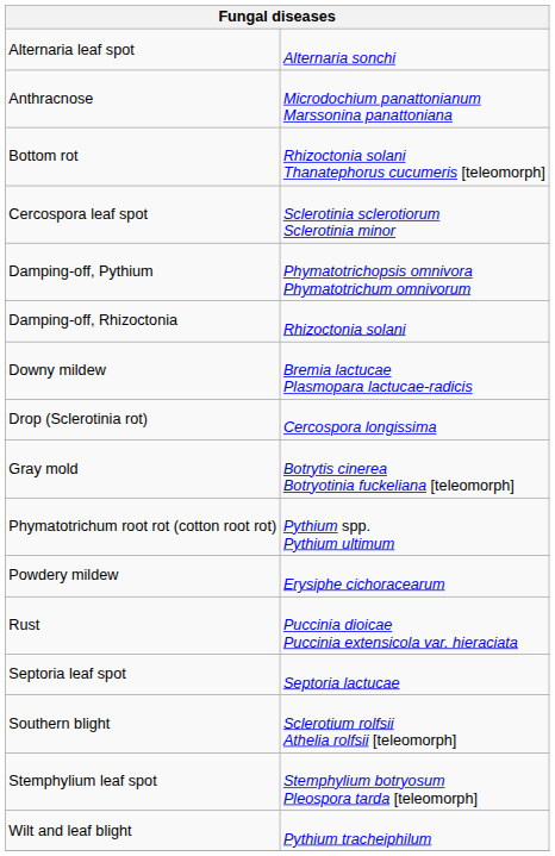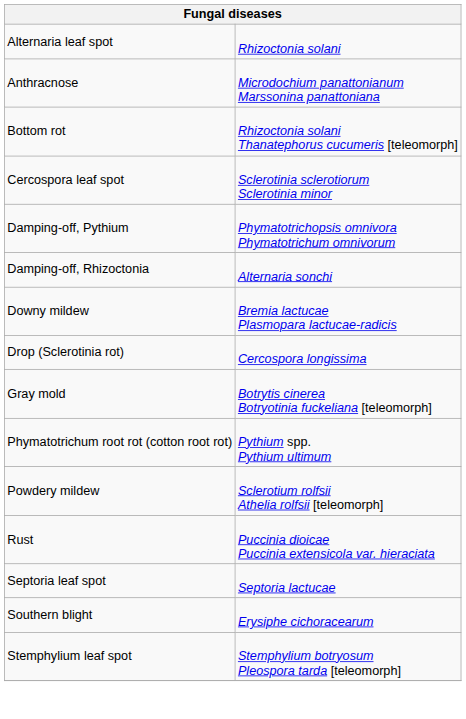 <table class="wikitable" style="clear">
 <tr>
 <th colspan=2><strong>Fungal diseases</strong><br></th>
 </tr>
 <tr>
 <td>Alternaria leaf spot</td>
-<td><br><em><a href='#'>Alternaria sonchi</a></em></td>
+<td><br><em><a href='#'>Rhizoctonia solani</a></em></td>
 </tr>
 <tr>
 <td>Anthracnose</td>
 <td><br><em><a href='#'>Microdochium panattonianum</a></em> <br>  <em><a href='#'>Marssonina panattoniana</a></em></td>
 </tr>
 <tr>
 <td>Bottom rot</td>
 <td><br><em><a href='#'>Rhizoctonia solani</a></em><br> <em><a href='#'>Thanatephorus cucumeris</a></em> [teleomorph]</td>
 </tr>
 <tr>
 <td>Cercospora leaf spot</td>
 <td><br><em><a href='#'>Sclerotinia sclerotiorum</a></em><br> <em><a href='#'>Sclerotinia minor</a></em></td>
 </tr>
 <tr>
 <td>Damping-off, Pythium</td>
 <td><br><em><a href='#'>Phymatotrichopsis omnivora</a></em> <br>  <em><a href='#'>Phymatotrichum omnivorum</a></em></td>
 </tr>
 <tr>
 <td>Damping-off, Rhizoctonia</td>
-<td><br><em><a href='#'>Rhizoctonia solani</a></em></td>
+<td><br><em><a href='#'>Alternaria sonchi</a></em></td>
 </tr>
 <tr>
 <td>Downy mildew</td>
 <td><br><em><a href='#'>Bremia lactucae</a></em><br> <em><a href='#'>Plasmopara lactucae-radicis</a></em></td>
 </tr>
 <tr>
 <td>Drop (Sclerotinia rot)</td>
 <td><br><em><a href='#'>Cercospora longissima</a></em></td>
 </tr>
 <tr>
 <td>Gray mold</td>
 <td><br><em><a href='#'>Botrytis cinerea</a></em><br> <em><a href='#'>Botryotinia fuckeliana</a></em> [teleomorph]</td>
 </tr>
 <tr>
 <td>Phymatotrichum root rot (cotton root rot)</td>
 <td><br><em><a href='#'>Pythium</a></em> spp. <br> <em><a href='#'>Pythium ultimum</a></em></td>
 </tr>
 <tr>
 <td>Powdery mildew</td>
-<td><br><em><a href='#'>Erysiphe cichoracearum</a></em></td>
+<td><br><em><a href='#'>Sclerotium rolfsii</a></em><br> <em><a href='#'>Athelia rolfsii</a></em> [teleomorph]</td>
 </tr>
 <tr>
 <td>Rust</td>
 <td><br><em><a href='#'>Puccinia dioicae</a></em> <br>  <em><a href='#'>Puccinia extensicola var. hieraciata</a></em></td>
 </tr>
 <tr>
 <td>Septoria leaf spot</td>
 <td><br><em><a href='#'>Septoria lactucae</a></em></td>
 </tr>
 <tr>
 <td>Southern blight</td>
-<td><br><em><a href='#'>Sclerotium rolfsii</a></em><br> <em><a href='#'>Athelia rolfsii</a></em> [teleomorph]</td>
+<td><br><em><a href='#'>Erysiphe cichoracearum</a></em></td>
 </tr>
 <tr>
 <td>Stemphylium leaf spot</td>
 <td><br><em><a href='#'>Stemphylium botryosum</a></em><br> <em><a href='#'>Pleospora tarda</a></em> [teleomorph]</td>
 </tr>
 <tr>
-<td>Wilt and leaf blight</td>
-<td><br><em><a href='#'>Pythium tracheiphilum</a></em></td>
-</tr>
-<tr>
 </tr>
 </table>
